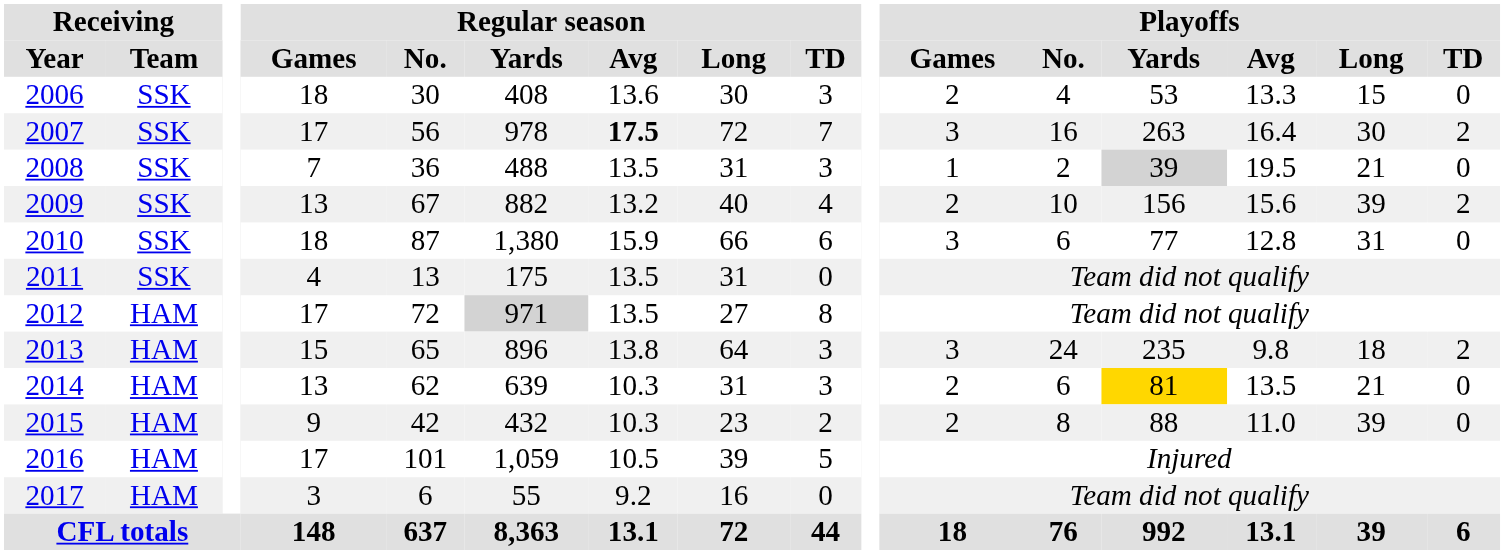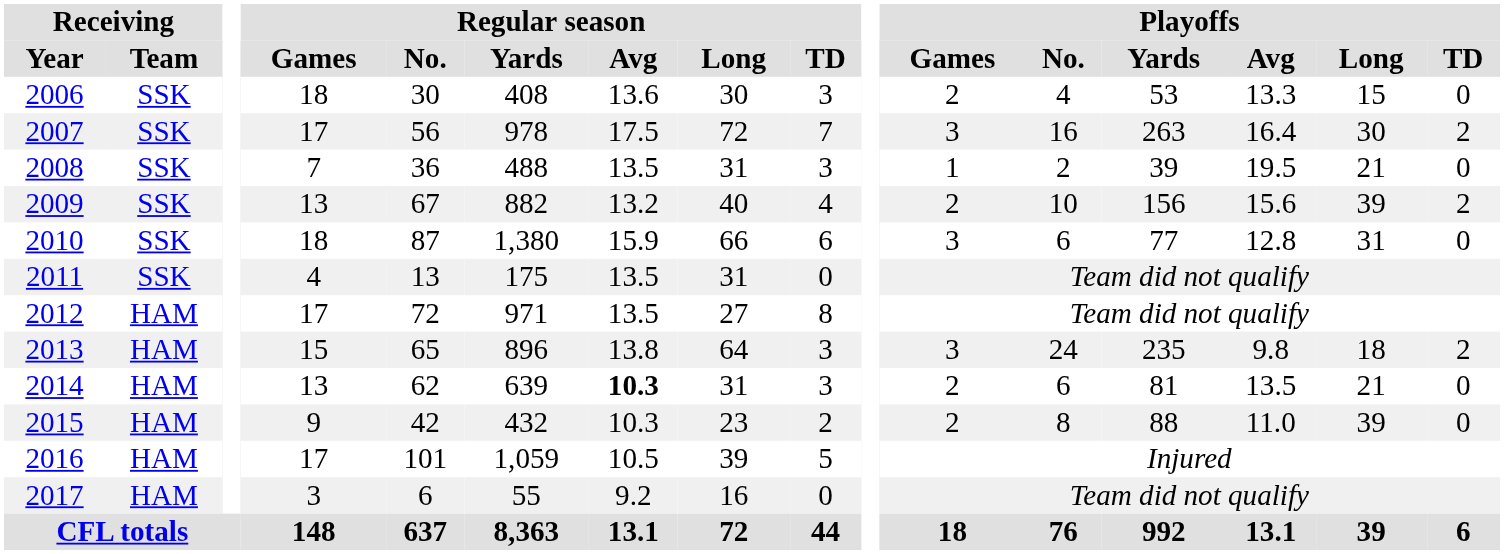 <table border="0" cellpadding="1" cellspacing="0"  style="width:65%; text-align:center;">
 <tr style="background:#e0e0e0;">
 <th colspan="2">Receiving</th>
 <th rowspan="99" style="background:#fff;"> </th>
 <th colspan="6">Regular season</th>
 <th rowspan="100" style="background:#fff;"> </th>
 <th colspan="6">Playoffs</th>
 </tr>
 <tr style="background:#e0e0e0;">
 <th>Year</th>
 <th>Team</th>
 <th>Games</th>
 <th>No.</th>
 <th>Yards</th>
 <th>Avg</th>
 <th>Long</th>
 <th>TD</th>
 <th>Games</th>
 <th>No.</th>
 <th>Yards</th>
 <th>Avg</th>
 <th>Long</th>
 <th>TD</th>
 </tr>
 <tr style="text-align:center;">
 <td><a href='#'>2006</a></td>
 <td><a href='#'>SSK</a></td>
 <td>18</td>
 <td>30</td>
 <td>408</td>
 <td>13.6</td>
 <td>30</td>
 <td>3</td>
 <td>2</td>
 <td>4</td>
 <td>53</td>
 <td>13.3</td>
 <td>15</td>
 <td>0</td>
 </tr>
 <tr style="text-align:center; background:#f0f0f0;">
 <td><a href='#'>2007</a></td>
 <td><a href='#'>SSK</a></td>
 <td>17</td>
 <td>56</td>
 <td>978</td>
-<td><strong>17.5</strong></td>
+<td>17.5</td>
 <td>72</td>
 <td>7</td>
 <td>3</td>
 <td>16</td>
 <td>263</td>
 <td>16.4</td>
 <td>30</td>
 <td>2</td>
 </tr>
 <tr style="text-align:center;">
 <td><a href='#'>2008</a></td>
 <td><a href='#'>SSK</a></td>
 <td>7</td>
 <td>36</td>
 <td>488</td>
 <td>13.5</td>
 <td>31</td>
 <td>3</td>
 <td>1</td>
 <td>2</td>
-<td style="background: lightgrey;">39</td>
+<td>39</td>
 <td>19.5</td>
 <td>21</td>
 <td>0</td>
 </tr>
 <tr style="text-align:center; background:#f0f0f0;">
 <td><a href='#'>2009</a></td>
 <td><a href='#'>SSK</a></td>
 <td>13</td>
 <td>67</td>
 <td>882</td>
 <td>13.2</td>
 <td>40</td>
 <td>4</td>
 <td>2</td>
 <td>10</td>
 <td>156</td>
 <td>15.6</td>
 <td>39</td>
 <td>2</td>
 </tr>
 <tr style="text-align:center;">
 <td><a href='#'>2010</a></td>
 <td><a href='#'>SSK</a></td>
 <td>18</td>
 <td>87</td>
 <td>1,380</td>
 <td>15.9</td>
 <td>66</td>
 <td>6</td>
 <td>3</td>
 <td>6</td>
 <td>77</td>
 <td>12.8</td>
 <td>31</td>
 <td>0</td>
 </tr>
 <tr style="text-align:center; background:#f0f0f0;">
 <td><a href='#'>2011</a></td>
 <td><a href='#'>SSK</a></td>
 <td>4</td>
 <td>13</td>
 <td>175</td>
 <td>13.5</td>
 <td>31</td>
 <td>0</td>
 <td colspan="6"><em>Team did not qualify</em></td>
 </tr>
 <tr style="text-align:center;">
 <td><a href='#'>2012</a></td>
 <td><a href='#'>HAM</a></td>
 <td>17</td>
 <td>72</td>
-<td style="background: lightgrey;">971</td>
+<td>971</td>
 <td>13.5</td>
 <td>27</td>
 <td>8</td>
 <td colspan="6"><em>Team did not qualify</em></td>
 </tr>
 <tr style="text-align:center; background:#f0f0f0;">
 <td><a href='#'>2013</a></td>
 <td><a href='#'>HAM</a></td>
 <td>15</td>
 <td>65</td>
 <td>896</td>
 <td>13.8</td>
 <td>64</td>
 <td>3</td>
 <td>3</td>
 <td>24</td>
 <td>235</td>
 <td>9.8</td>
 <td>18</td>
 <td>2</td>
 </tr>
 <tr style="text-align:center;">
 <td><a href='#'>2014</a></td>
 <td><a href='#'>HAM</a></td>
 <td>13</td>
 <td>62</td>
 <td>639</td>
-<td>10.3</td>
+<td><strong>10.3</strong></td>
 <td>31</td>
 <td>3</td>
 <td>2</td>
 <td>6</td>
-<td style="background: gold;">81</td>
+<td>81</td>
 <td>13.5</td>
 <td>21</td>
 <td>0</td>
 </tr>
 <tr style="text-align:center; background:#f0f0f0;">
 <td><a href='#'>2015</a></td>
 <td><a href='#'>HAM</a></td>
 <td>9</td>
 <td>42</td>
 <td>432</td>
 <td>10.3</td>
 <td>23</td>
 <td>2</td>
 <td>2</td>
 <td>8</td>
 <td>88</td>
 <td>11.0</td>
 <td>39</td>
 <td>0</td>
 </tr>
 <tr>
 <td><a href='#'>2016</a></td>
 <td><a href='#'>HAM</a></td>
 <td>17</td>
 <td>101</td>
 <td>1,059</td>
 <td>10.5</td>
 <td>39</td>
 <td>5</td>
 <td colspan="6"><em>Injured</em></td>
 </tr>
 <tr style="text-align:center; background:#f0f0f0;">
 <td><a href='#'>2017</a></td>
 <td><a href='#'>HAM</a></td>
 <td>3</td>
 <td>6</td>
 <td>55</td>
 <td>9.2</td>
 <td>16</td>
 <td>0</td>
 <td colspan="6"><em>Team did not qualify</em></td>
 </tr>
 <tr style="background:#e0e0e0;">
 <th colspan="3"><a href='#'>CFL totals</a></th>
 <th>148</th>
 <th>637</th>
 <th>8,363</th>
 <th>13.1</th>
 <th>72</th>
 <th>44</th>
 <th>18</th>
 <th>76</th>
 <th>992</th>
 <th>13.1</th>
 <th>39</th>
 <th>6</th>
 </tr>
 </table>
